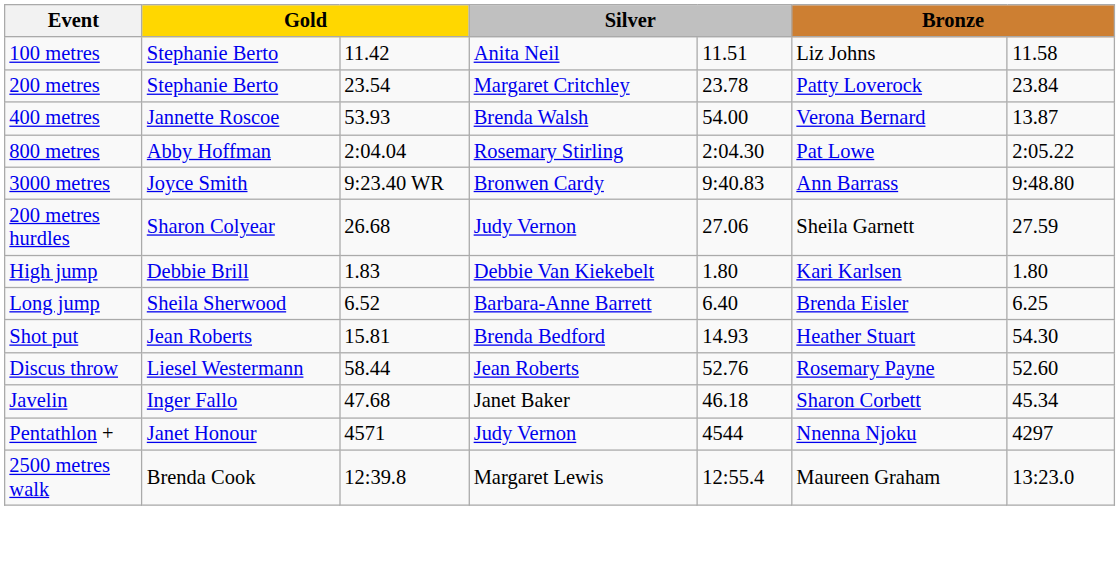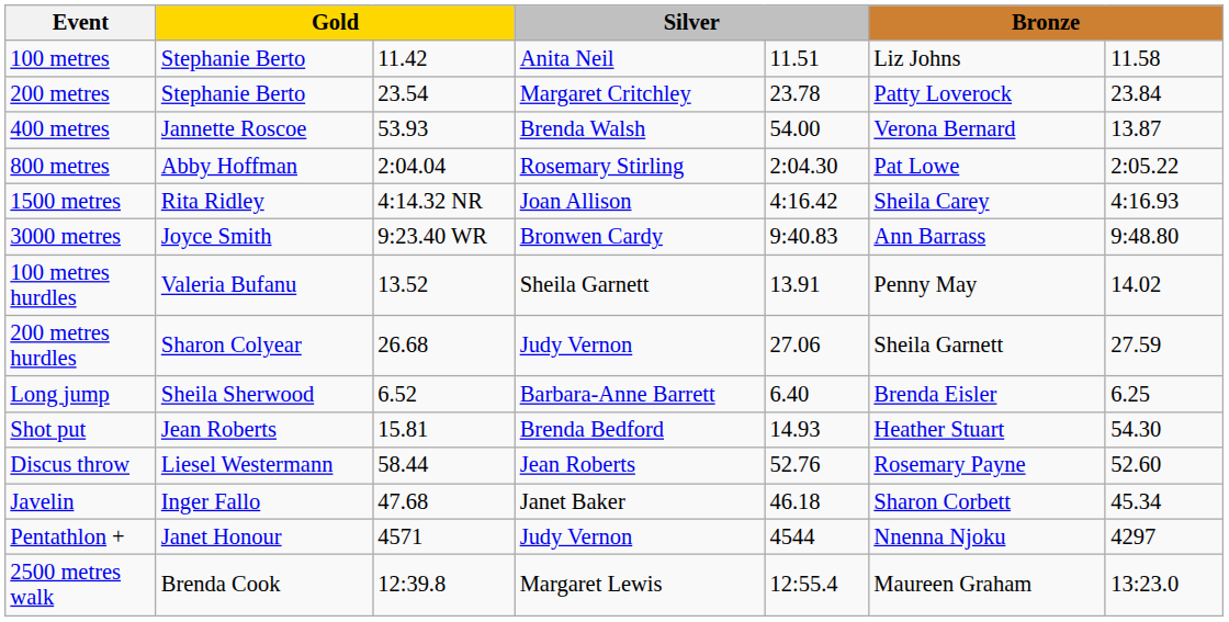 <table class="wikitable" style="text-align:left">
 <tr>
 <th width=100>Event</th>
 <th colspan="2" width="280" style="background:gold;">Gold</th>
 <th colspan="2" width="280" style="background:silver;">Silver</th>
 <th colspan="2" width="280" style="background:#CD7F32;">Bronze</th>
 </tr>
 <tr>
 <td><a href='#'>100 metres</a></td>
 <td> <a href='#'>Stephanie Berto</a></td>
 <td>11.42</td>
 <td><a href='#'>Anita Neil</a></td>
 <td>11.51</td>
 <td>Liz Johns</td>
 <td>11.58</td>
 </tr>
 <tr>
 <td><a href='#'>200 metres</a></td>
 <td> <a href='#'>Stephanie Berto</a></td>
 <td>23.54</td>
 <td><a href='#'>Margaret Critchley</a></td>
 <td>23.78</td>
 <td> <a href='#'>Patty Loverock</a></td>
 <td>23.84</td>
 </tr>
 <tr>
 <td><a href='#'>400 metres</a></td>
 <td><a href='#'>Jannette Roscoe</a></td>
 <td>53.93</td>
 <td> <a href='#'>Brenda Walsh</a></td>
 <td>54.00</td>
 <td><a href='#'>Verona Bernard</a></td>
 <td>13.87</td>
 </tr>
 <tr>
 <td><a href='#'>800 metres</a></td>
 <td> <a href='#'>Abby Hoffman</a></td>
 <td>2:04.04</td>
 <td><a href='#'>Rosemary Stirling</a></td>
 <td>2:04.30</td>
 <td><a href='#'>Pat Lowe</a></td>
 <td>2:05.22</td>
 </tr>
 <tr>
+<td><a href='#'>1500 metres</a></td>
+<td><a href='#'>Rita Ridley</a></td>
+<td>4:14.32 NR</td>
+<td><a href='#'>Joan Allison</a></td>
+<td>4:16.42</td>
+<td><a href='#'>Sheila Carey</a></td>
+<td>4:16.93</td>
+</tr>
+<tr>
 <td><a href='#'>3000 metres</a></td>
 <td><a href='#'>Joyce Smith</a></td>
 <td>9:23.40 WR</td>
 <td><a href='#'>Bronwen Cardy</a></td>
 <td>9:40.83</td>
 <td> <a href='#'>Ann Barrass</a></td>
 <td>9:48.80</td>
 </tr>
 <tr>
+<td><a href='#'>100 metres hurdles</a></td>
+<td> <a href='#'>Valeria Bufanu</a></td>
+<td>13.52</td>
+<td>Sheila Garnett</td>
+<td>13.91</td>
+<td> Penny May</td>
+<td>14.02</td>
+</tr>
+<tr>
 <td><a href='#'>200 metres hurdles</a></td>
 <td><a href='#'>Sharon Colyear</a></td>
 <td>26.68</td>
 <td><a href='#'>Judy Vernon</a></td>
 <td>27.06</td>
 <td>Sheila Garnett</td>
 <td>27.59</td>
-</tr>
-<tr>
-<td><a href='#'>High jump</a></td>
-<td> <a href='#'>Debbie Brill</a></td>
-<td>1.83</td>
-<td> <a href='#'>Debbie Van Kiekebelt</a></td>
-<td>1.80</td>
-<td> <a href='#'>Kari Karlsen</a></td>
-<td>1.80</td>
 </tr>
 <tr>
 <td><a href='#'>Long jump</a></td>
 <td><a href='#'>Sheila Sherwood</a></td>
 <td>6.52</td>
 <td><a href='#'>Barbara-Anne Barrett</a></td>
 <td>6.40</td>
 <td> <a href='#'>Brenda Eisler</a></td>
 <td>6.25</td>
 </tr>
 <tr>
 <td><a href='#'>Shot put</a></td>
 <td> <a href='#'>Jean Roberts</a></td>
 <td>15.81</td>
 <td><a href='#'>Brenda Bedford</a></td>
 <td>14.93</td>
 <td> <a href='#'>Heather Stuart</a></td>
 <td>54.30</td>
 </tr>
 <tr>
 <td><a href='#'>Discus throw</a></td>
 <td> <a href='#'>Liesel Westermann</a></td>
 <td>58.44</td>
 <td> <a href='#'>Jean Roberts</a></td>
 <td>52.76</td>
 <td> <a href='#'>Rosemary Payne</a></td>
 <td>52.60</td>
 </tr>
 <tr>
 <td><a href='#'>Javelin</a></td>
 <td> <a href='#'>Inger Fallo</a></td>
 <td>47.68</td>
 <td>Janet Baker</td>
 <td>46.18</td>
 <td><a href='#'>Sharon Corbett</a></td>
 <td>45.34</td>
 </tr>
 <tr>
 <td><a href='#'>Pentathlon</a> +</td>
 <td><a href='#'>Janet Honour</a></td>
 <td>4571</td>
 <td><a href='#'>Judy Vernon</a></td>
 <td>4544</td>
 <td> <a href='#'>Nnenna Njoku</a></td>
 <td>4297</td>
 </tr>
 <tr>
 <td><a href='#'>2500 metres walk</a></td>
 <td>Brenda Cook</td>
 <td>12:39.8</td>
 <td>Margaret Lewis</td>
 <td>12:55.4</td>
 <td>Maureen Graham</td>
 <td>13:23.0</td>
 </tr>
 </table>
